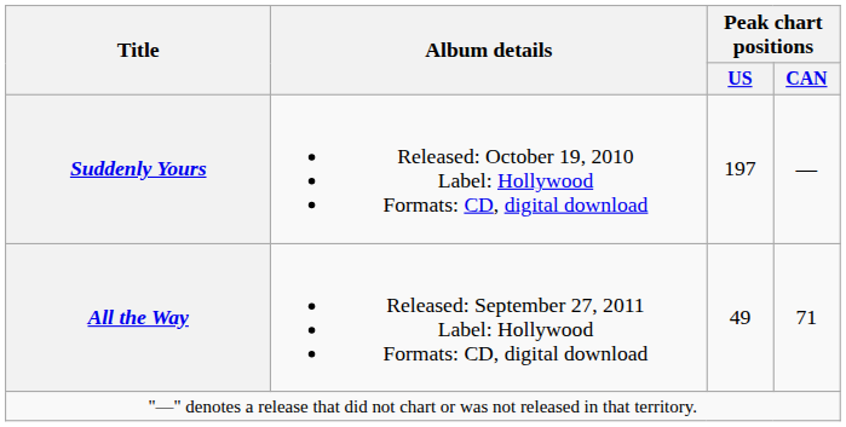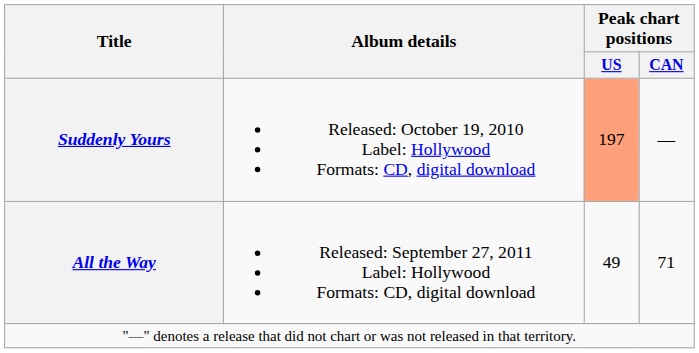 <table class="wikitable plainrowheaders" style="text-align:center;">
 <tr>
 <th scope="col" rowspan="2" style="width:12em;">Title</th>
 <th scope="col" rowspan="2" style="width:20em;">Album details</th>
 <th scope="col" colspan="2">Peak chart positions</th>
 </tr>
 <tr>
 <th scope="col" style="width:3em;font-size:90%;"><a href='#'>US</a><br></th>
 <th scope="col" style="width:3em;font-size:90%;"><a href='#'>CAN</a><br></th>
 </tr>
 <tr>
 <th scope="row"><em><a href='#'>Suddenly Yours</a></em></th>
 <td><br><ul><li>Released: October 19, 2010</li><li>Label: <a href='#'>Hollywood</a></li><li>Formats: <a href='#'>CD</a>, <a href='#'>digital download</a></li></ul></td>
-<td>197</td>
+<td style="background: lightsalmon;">197</td>
 <td>—</td>
 </tr>
 <tr>
 <th scope="row"><em><a href='#'>All the Way</a></em></th>
 <td><br><ul><li>Released: September 27, 2011</li><li>Label: Hollywood</li><li>Formats: CD, digital download</li></ul></td>
 <td>49</td>
 <td>71</td>
 </tr>
 <tr>
 <td colspan="8" style="font-size:85%">"—" denotes a release that did not chart or was not released in that territory.</td>
 </tr>
 </table>
